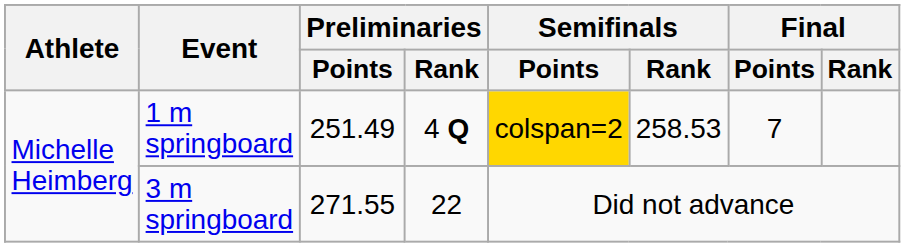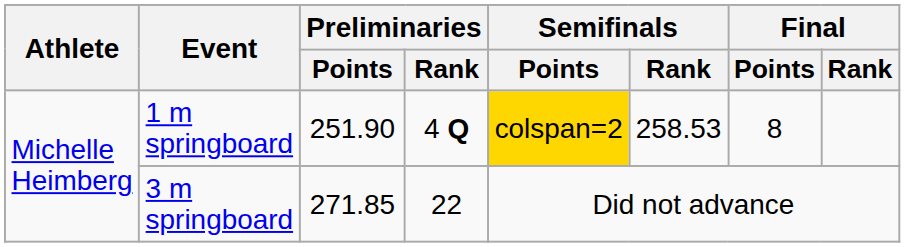 <table class="wikitable" style="text-align:center; font-size:90%; width:50%;">
 <tr>
 <th rowspan=2>Athlete</th>
 <th rowspan=2>Event</th>
 <th colspan=2>Preliminaries</th>
 <th colspan=2>Semifinals</th>
 <th colspan=2>Final</th>
 </tr>
 <tr style="font-size:95%">
 <th>Points</th>
 <th>Rank</th>
 <th>Points</th>
 <th>Rank</th>
 <th>Points</th>
 <th>Rank</th>
 </tr>
 <tr>
 <td align=left rowspan=2><a href='#'>Michelle Heimberg</a></td>
 <td align=left><a href='#'>1 m springboard</a></td>
-<td>251.49</td>
+<td>251.90</td>
 <td>4 <strong>Q</strong></td>
 <td style="background: gold;">colspan=2 </td>
 <td>258.53</td>
-<td>7</td>
+<td>8</td>
 </tr>
 <tr>
 <td align=left><a href='#'>3 m springboard</a></td>
-<td>271.55</td>
+<td>271.85</td>
 <td>22</td>
 <td colspan=4>Did not advance</td>
 </tr>
 </table>
